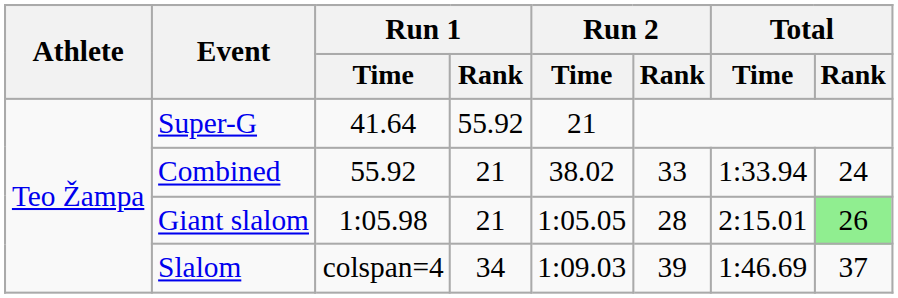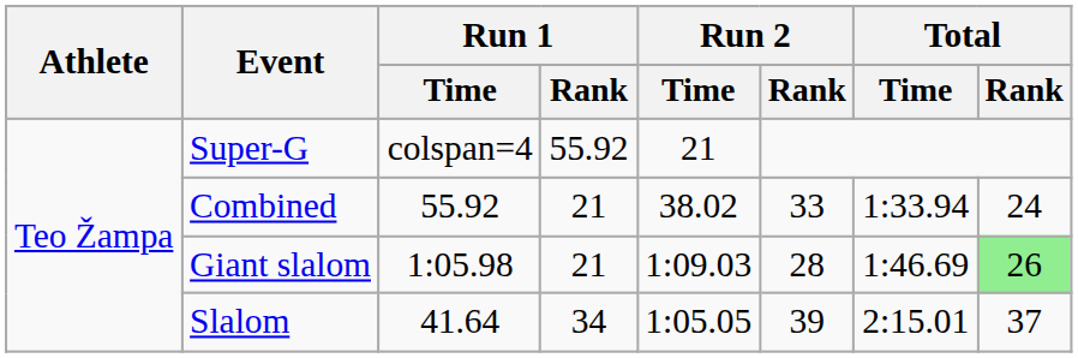 <table class="wikitable" style="font-size:90%">
 <tr>
 <th rowspan=2>Athlete</th>
 <th rowspan=2>Event</th>
 <th colspan=2>Run 1</th>
 <th colspan=2>Run 2</th>
 <th colspan=2>Total</th>
 </tr>
 <tr style="font-size:95%">
 <th>Time</th>
 <th>Rank</th>
 <th>Time</th>
 <th>Rank</th>
 <th>Time</th>
 <th>Rank</th>
 </tr>
 <tr align=center>
 <td align="left" rowspan="4"><a href='#'>Teo Žampa</a></td>
 <td align="left"><a href='#'>Super-G</a></td>
-<td>41.64</td>
+<td>colspan=4</td>
 <td>55.92</td>
 <td>21</td>
 </tr>
 <tr align=center>
 <td align="left"><a href='#'>Combined</a></td>
 <td>55.92</td>
 <td>21</td>
 <td>38.02</td>
 <td>33</td>
 <td>1:33.94</td>
 <td>24</td>
 </tr>
 <tr align=center>
 <td align="left"><a href='#'>Giant slalom</a></td>
 <td>1:05.98</td>
 <td>21</td>
-<td>1:05.05</td>
+<td>1:09.03</td>
 <td>28</td>
-<td>2:15.01</td>
+<td>1:46.69</td>
 <td style="background: lightgreen;">26</td>
 </tr>
 <tr align=center>
 <td align="left"><a href='#'>Slalom</a></td>
-<td>colspan=4</td>
+<td>41.64</td>
 <td>34</td>
-<td>1:09.03</td>
+<td>1:05.05</td>
 <td>39</td>
-<td>1:46.69</td>
+<td>2:15.01</td>
 <td>37</td>
 </tr>
 </table>
